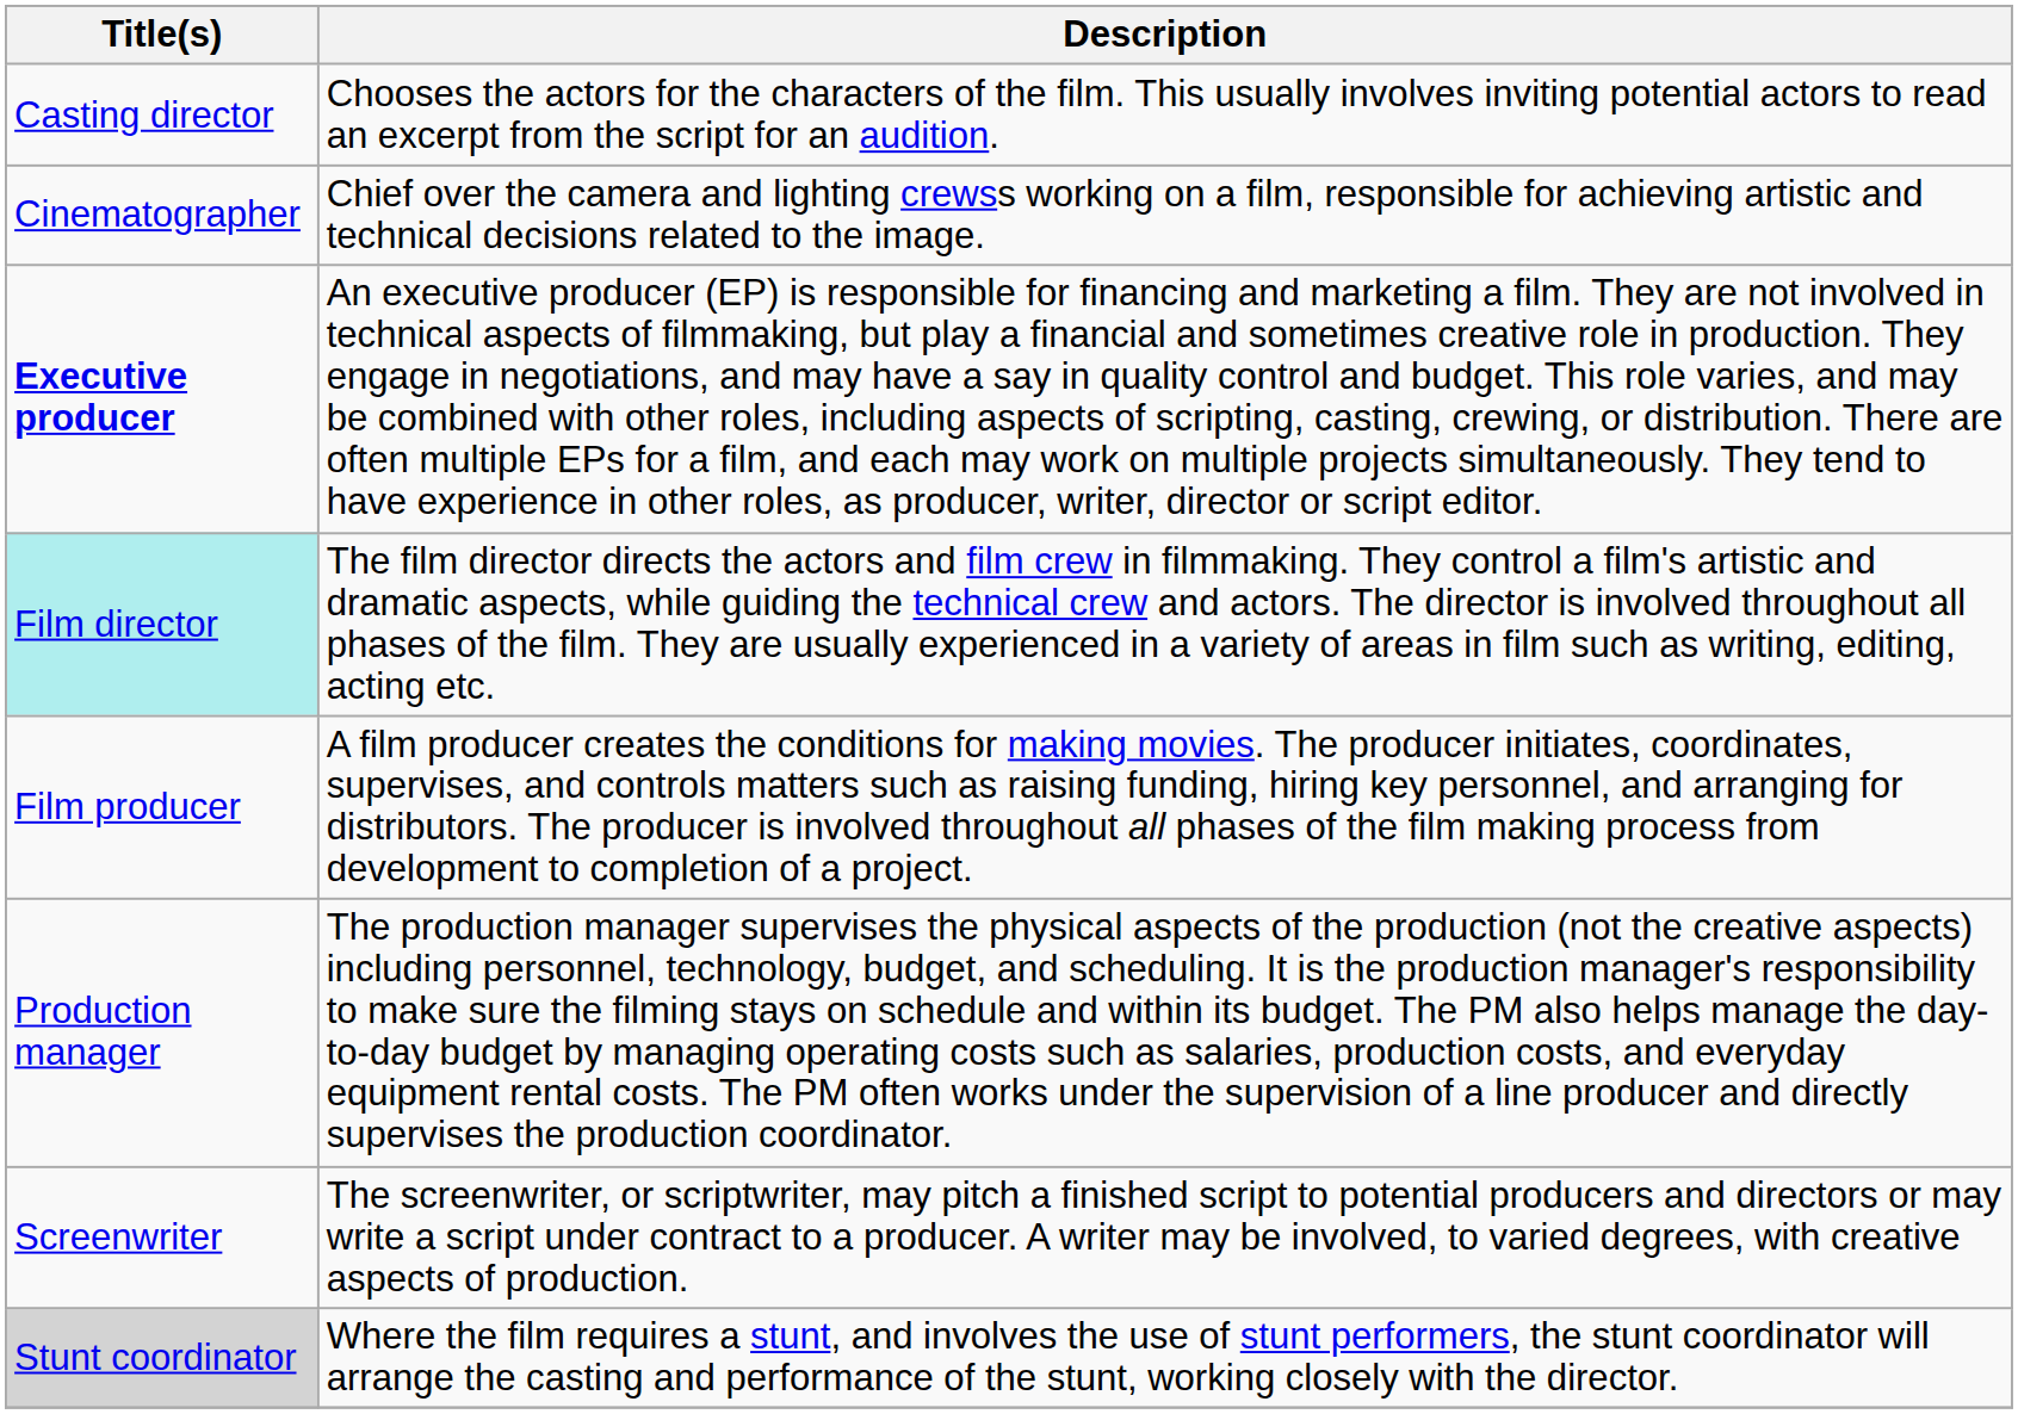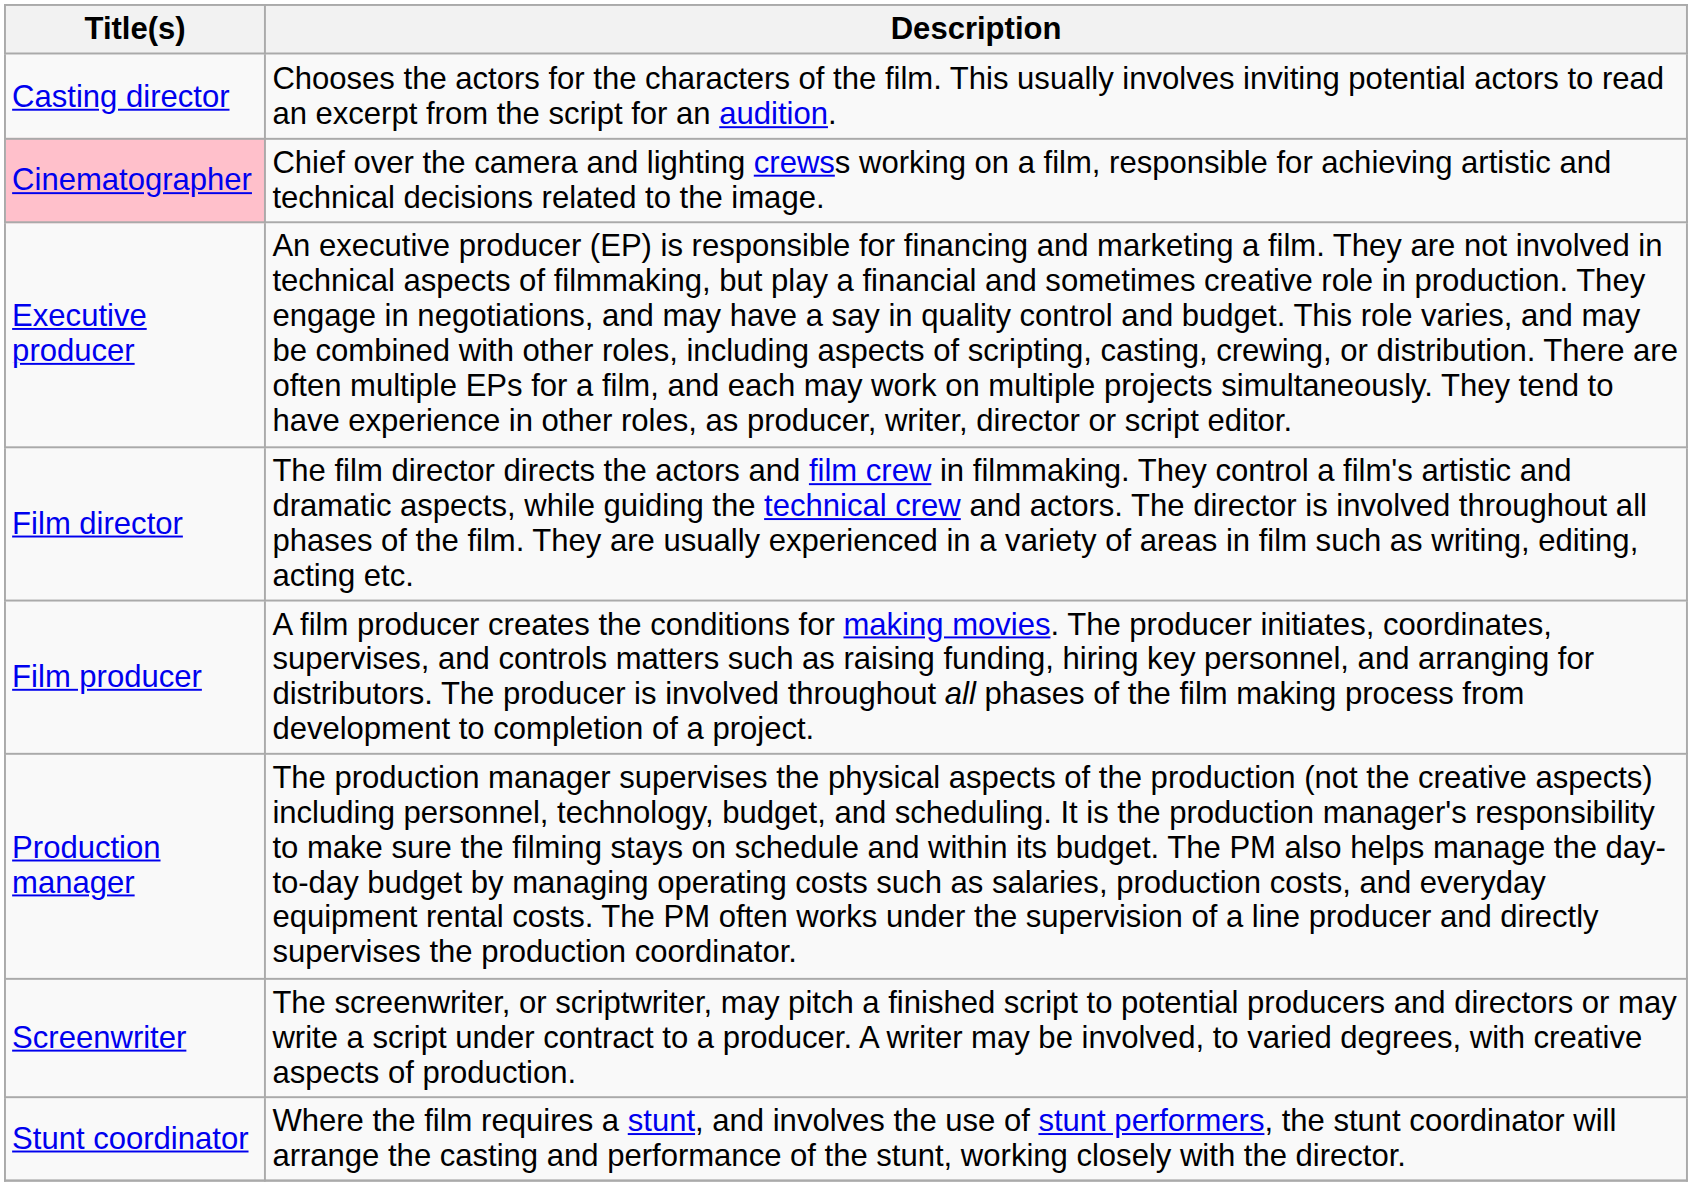 <table class="wikitable sortable">
 <tr>
 <th>Title(s)</th>
 <th>Description</th>
 </tr>
 <tr>
 <td><a href='#'>Casting director</a></td>
 <td>Chooses the actors for the characters of the film. This usually involves inviting potential actors to read an excerpt from the script for an <a href='#'>audition</a>.</td>
 </tr>
 <tr>
-<td><a href='#'>Cinematographer</a></td>
+<td style="background: pink;"><a href='#'>Cinematographer</a></td>
 <td>Chief over the camera and lighting <a href='#'>crews</a>s working on a film, responsible for achieving artistic and technical decisions related to the image.</td>
 </tr>
 <tr>
-<td><strong><a href='#'>Executive producer</a></strong></td>
+<td><a href='#'>Executive producer</a></td>
 <td>An executive producer (EP) is responsible for financing and marketing a film.  They are not involved in technical aspects of filmmaking, but play a financial and sometimes creative role in production. They engage in negotiations, and may have a say in quality control and budget. This role varies, and may be combined with other roles, including aspects of scripting, casting, crewing, or distribution. There are often multiple EPs for a film, and each may work on multiple projects simultaneously. They tend to have experience in other roles, as producer, writer, director or script editor.</td>
 </tr>
 <tr>
-<td style="background: paleturquoise;"><a href='#'>Film director</a></td>
+<td><a href='#'>Film director</a></td>
 <td>The film director directs the actors and <a href='#'>film crew</a> in filmmaking. They control a film's artistic and dramatic aspects, while guiding the <a href='#'>technical crew</a> and actors. The director is involved throughout all phases of the film. They are usually experienced in a variety of areas in film such as writing, editing, acting etc.</td>
 </tr>
 <tr>
 <td><a href='#'>Film producer</a></td>
 <td>A film producer creates the conditions for <a href='#'>making movies</a>. The producer initiates, coordinates, supervises, and controls matters such as raising funding, hiring key personnel, and arranging for distributors. The producer is involved throughout <em>all</em> phases of the film making process from development to completion of a project.</td>
 </tr>
 <tr>
 <td><a href='#'>Production manager</a></td>
 <td>The production manager supervises the physical aspects of the production (not the creative aspects) including personnel, technology, budget, and scheduling. It is the production manager's responsibility to make sure the filming stays on schedule and within its budget. The PM also helps manage the day-to-day budget by managing operating costs such as salaries, production costs, and everyday equipment rental costs. The PM often works under the supervision of a line producer and directly supervises the production coordinator.</td>
 </tr>
 <tr>
 <td><a href='#'>Screenwriter</a></td>
 <td>The screenwriter, or scriptwriter, may pitch a finished script to potential producers and directors or may write a script under contract to a producer. A writer may be involved, to varied degrees, with creative aspects of production.</td>
 </tr>
 <tr>
-<td style="background: lightgrey;"><a href='#'>Stunt coordinator</a></td>
+<td><a href='#'>Stunt coordinator</a></td>
 <td>Where the film requires a <a href='#'>stunt</a>, and involves the use of <a href='#'>stunt performers</a>, the stunt coordinator will arrange the casting and performance of the stunt, working closely with the director.</td>
 </tr>
 <tr>
 </tr>
 </table>
